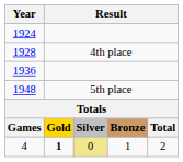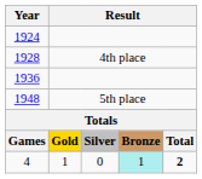 <table class="wikitable" style="text-align:center; font-size:95%;">
 <tr>
 <th>Year</th>
 <th colspan=4>Result</th>
 </tr>
 <tr>
 <td><a href='#'>1924</a></td>
 <td colspan=4></td>
 </tr>
 <tr>
 <td><a href='#'>1928</a></td>
 <td colspan=4>4th place</td>
 </tr>
 <tr>
 <td><a href='#'>1936</a></td>
 <td colspan=4></td>
 </tr>
 <tr>
 <td><a href='#'>1948</a></td>
 <td colspan=4>5th place</td>
 </tr>
 <tr>
 <th colspan=5><strong>Totals</strong></th>
 </tr>
 <tr>
 <th>Games</th>
 <th style="background:gold">Gold</th>
 <th style="background:silver">Silver</th>
 <th style="background:#c96">Bronze</th>
 <th>Total</th>
 </tr>
 <tr>
 <td>4</td>
-<td><strong>1</strong></td>
-<td style="background: khaki;">0</td>
 <td>1</td>
-<td>2</td>
+<td>0</td>
+<td style="background: paleturquoise;">1</td>
+<td><strong>2</strong></td>
 </tr>
 </table>
